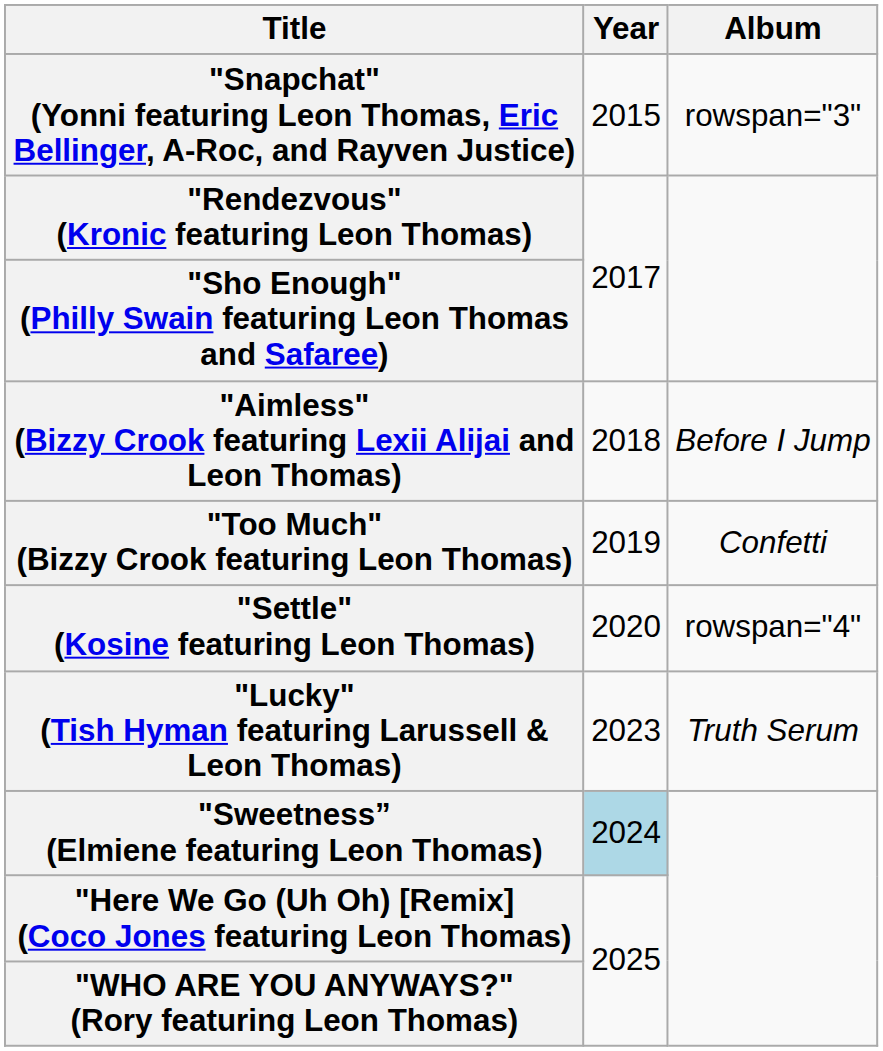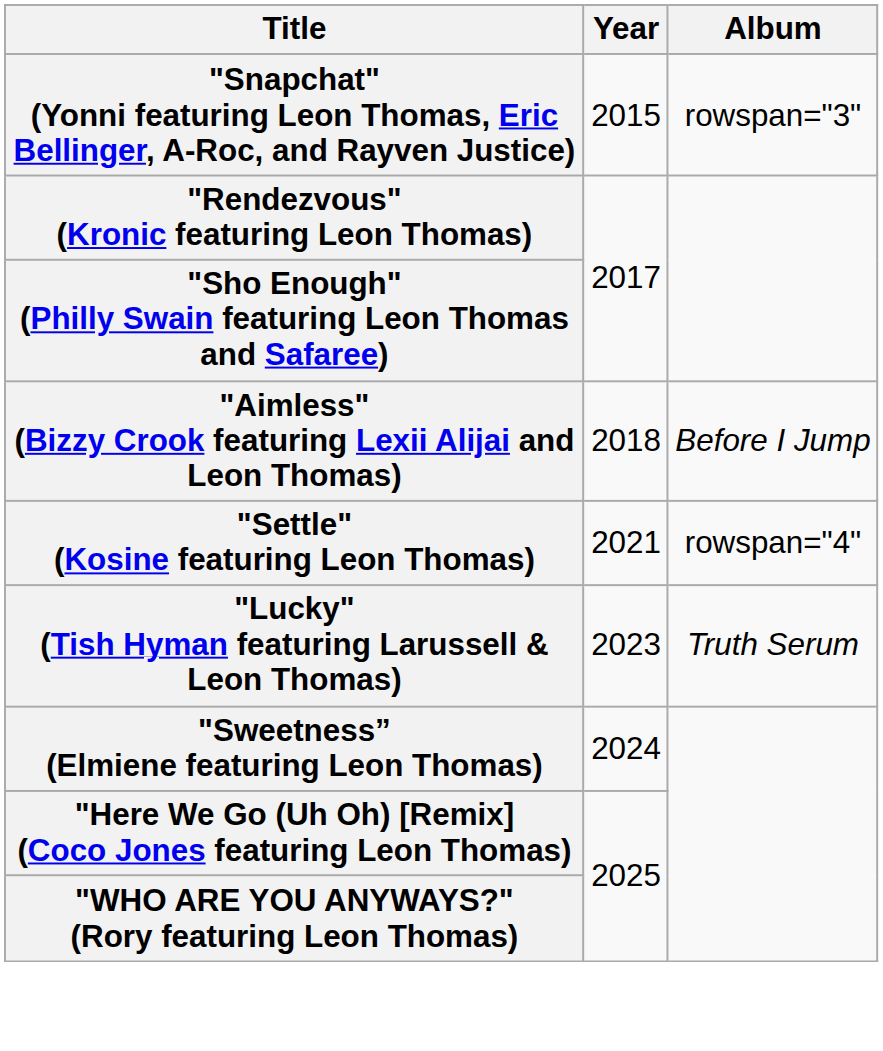 <table class="wikitable plainrowheaders" style="text-align:center;" border="1">
 <tr>
 <th scope="col" style="width:18em;">Title</th>
 <th scope="col">Year</th>
 <th scope="col">Album</th>
 </tr>
 <tr>
 <th scope="row">"Snapchat"<br><span>(Yonni featuring Leon Thomas, <a href='#'>Eric Bellinger</a>, A-Roc, and Rayven Justice)</span></th>
 <td>2015</td>
 <td>rowspan="3" </td>
 </tr>
 <tr>
 <th scope="row">"Rendezvous"<br><span>(<a href='#'>Kronic</a> featuring Leon Thomas)</span></th>
 <td rowspan="2">2017</td>
 </tr>
 <tr>
 <th scope="row">"Sho Enough"<br><span>(<a href='#'>Philly Swain</a> featuring Leon Thomas and <a href='#'>Safaree</a>)</span></th>
 </tr>
 <tr>
 <th scope="row">"Aimless"<br><span>(<a href='#'>Bizzy Crook</a> featuring <a href='#'>Lexii Alijai</a> and Leon Thomas)</span></th>
 <td>2018</td>
 <td><em>Before I Jump</em></td>
 </tr>
 <tr>
-<th scope="row">"Too Much"<br><span>(Bizzy Crook featuring Leon Thomas)</span></th>
-<td>2019</td>
-<td><em>Confetti</em></td>
-</tr>
-<tr>
 <th scope="row">"Settle"<br><span>(<a href='#'>Kosine</a> featuring Leon Thomas)</span></th>
-<td>2020</td>
+<td>2021</td>
 <td>rowspan="4" </td>
 </tr>
 <tr>
 <th scope="row">"Lucky"<br><span>(<a href='#'>Tish Hyman</a> featuring Larussell & Leon Thomas)</span></th>
 <td>2023</td>
 <td><em>Truth Serum</em></td>
 </tr>
 <tr>
 <th scope="row">"Sweetness” <br><span>(Elmiene featuring Leon Thomas) </span></th>
-<td style="background: lightblue;">2024</td>
+<td>2024</td>
 </tr>
 <tr>
 <th scope="row">"Here We Go (Uh Oh) [Remix]<br><span>(<a href='#'>Coco Jones</a> featuring Leon Thomas) </span></th>
 <td rowspan="2">2025</td>
 </tr>
 <tr>
 <th scope="row">"WHO ARE YOU ANYWAYS?"<br><span>(Rory featuring Leon Thomas) </span></th>
 </tr>
 </table>
